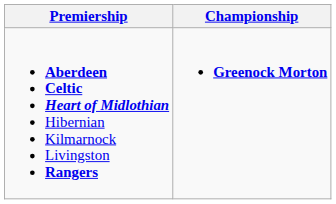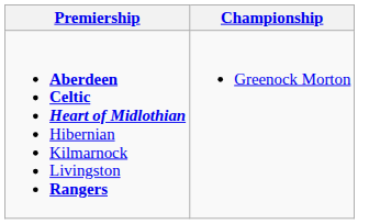 <table class="wikitable" style="text-align:left">
 <tr>
 <th><a href='#'>Premiership</a></th>
 <th><a href='#'>Championship</a></th>
 </tr>
 <tr>
 <td valign="top"><br><ul><li><strong><a href='#'>Aberdeen</a></strong></li><li><strong><a href='#'>Celtic</a></strong></li><li><strong><em><a href='#'>Heart of Midlothian</a></em></strong></li><li><a href='#'>Hibernian</a></li><li><a href='#'>Kilmarnock</a></li><li><a href='#'>Livingston</a></li><li><strong><a href='#'>Rangers</a></strong></li></ul></td>
-<td valign="top"><strong><br><ul><li><a href='#'>Greenock Morton</a></li></ul></strong></td>
+<td valign="top"><br><ul><li><a href='#'>Greenock Morton</a></li></ul></td>
 </tr>
 </table>
